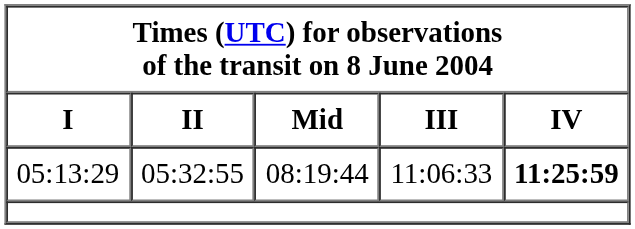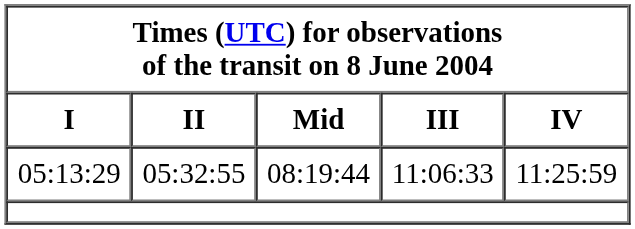 <table border cellspacing=0 cellpadding=5 align="center">
 <tr>
 <th colspan=5>Times (<a href='#'>UTC</a>) for observations<br>of the transit on 8 June 2004</th>
 </tr>
 <tr>
 <th>I</th>
 <th>II</th>
 <th>Mid</th>
 <th>III</th>
 <th>IV</th>
 </tr>
 <tr>
 <td>05:13:29</td>
 <td>05:32:55</td>
 <td>08:19:44</td>
 <td>11:06:33</td>
-<td><strong>11:25:59</strong></td>
+<td>11:25:59</td>
 </tr>
 <tr>
 <td colspan=5></td>
 </tr>
 </table>
